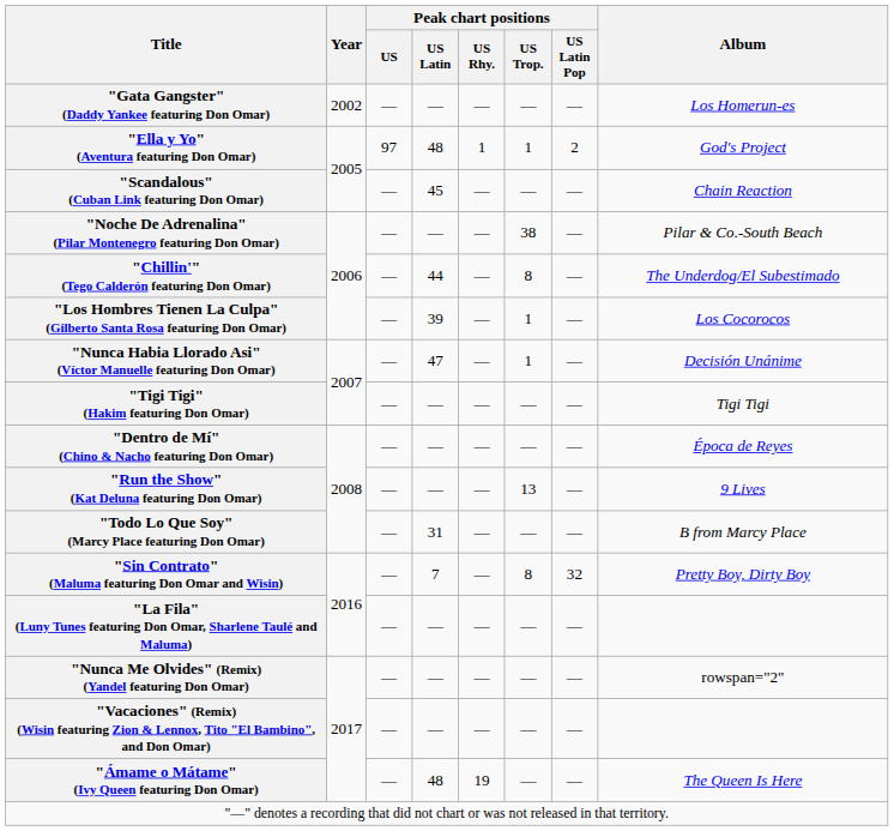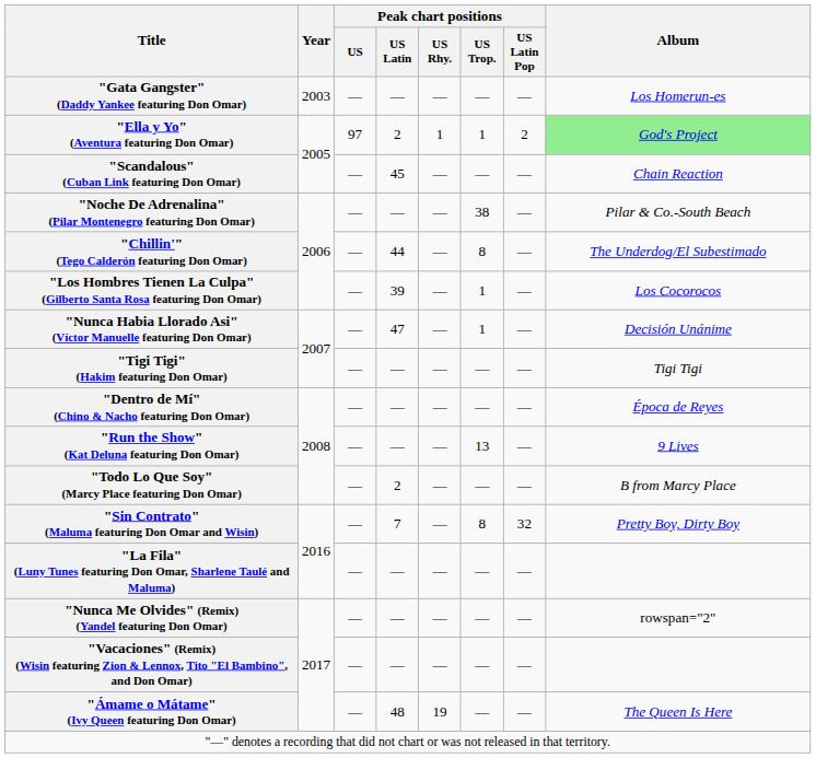 <table class="wikitable plainrowheaders" style="text-align:center;" border="1">
 <tr>
 <th scope="col" rowspan="2" style="width:20em;">Title</th>
 <th scope="col" rowspan="2">Year</th>
 <th scope="col" colspan="5">Peak chart positions</th>
 <th scope="col" rowspan="2" style="width:18em;">Album</th>
 </tr>
 <tr>
 <th scope="col" style="width:3em; font-size:85%;">US</th>
 <th scope="col" style="width:3em; font-size:85%;">US <br> Latin<br></th>
 <th scope="col" style="width:3em; font-size:85%;">US <br> Rhy.<br></th>
 <th scope="col" style="width:3em; font-size:85%;">US <br> Trop.<br></th>
 <th scope="col" style="width:3em; font-size:85%;">US <br> Latin<br>Pop<br></th>
 </tr>
 <tr>
 <th scope="row">"Gata Gangster" <br><small>(<a href='#'>Daddy Yankee</a> featuring Don Omar)</small></th>
-<td>2002</td>
+<td>2003</td>
 <td>—</td>
 <td>—</td>
 <td>—</td>
 <td>—</td>
 <td>—</td>
 <td><em><a href='#'>Los Homerun-es</a></em></td>
 </tr>
 <tr>
 <th scope="row">"<a href='#'>Ella y Yo</a>" <br><small>(<a href='#'>Aventura</a> featuring Don Omar)</small></th>
 <td rowspan="2">2005</td>
 <td>97</td>
-<td>48</td>
+<td>2</td>
 <td>1</td>
 <td>1</td>
 <td>2</td>
-<td><em><a href='#'>God's Project</a></em></td>
+<td style="background: lightgreen;"><em><a href='#'>God's Project</a></em></td>
 </tr>
 <tr>
 <th scope="row">"Scandalous" <br><small>(<a href='#'>Cuban Link</a> featuring Don Omar)</small></th>
 <td>—</td>
 <td>45</td>
 <td>—</td>
 <td>—</td>
 <td>—</td>
 <td><em><a href='#'>Chain Reaction</a></em></td>
 </tr>
 <tr>
 <th scope="row">"Noche De Adrenalina" <br><small>(<a href='#'>Pilar Montenegro</a> featuring Don Omar)</small></th>
 <td rowspan="3">2006</td>
 <td>—</td>
 <td>—</td>
 <td>—</td>
 <td>38</td>
 <td>—</td>
 <td><em>Pilar & Co.-South Beach</em></td>
 </tr>
 <tr>
 <th scope="row">"<a href='#'>Chillin'</a>" <br><small>(<a href='#'>Tego Calderón</a> featuring Don Omar)</small></th>
 <td>—</td>
 <td>44</td>
 <td>—</td>
 <td>8</td>
 <td>—</td>
 <td><em><a href='#'>The Underdog/El Subestimado</a></em></td>
 </tr>
 <tr>
 <th scope="row">"Los Hombres Tienen La Culpa" <br><small>(<a href='#'>Gilberto Santa Rosa</a> featuring Don Omar)</small></th>
 <td>—</td>
 <td>39</td>
 <td>—</td>
 <td>1</td>
 <td>—</td>
 <td><em><a href='#'>Los Cocorocos</a></em></td>
 </tr>
 <tr>
 <th scope="row">"Nunca Habia Llorado Asi" <br><small>(<a href='#'>Víctor Manuelle</a> featuring Don Omar)</small></th>
 <td rowspan="2">2007</td>
 <td>—</td>
 <td>47</td>
 <td>—</td>
 <td>1</td>
 <td>—</td>
 <td><em><a href='#'>Decisión Unánime</a></em></td>
 </tr>
 <tr>
 <th scope="row">"Tigi Tigi" <br><small>(<a href='#'>Hakim</a> featuring Don Omar)</small></th>
 <td>—</td>
 <td>—</td>
 <td>—</td>
 <td>—</td>
 <td>—</td>
 <td><em>Tigi Tigi</em></td>
 </tr>
 <tr>
 <th scope="row">"Dentro de Mí" <br><small>(<a href='#'>Chino & Nacho</a> featuring Don Omar)</small></th>
 <td rowspan="3">2008</td>
 <td>—</td>
 <td>—</td>
 <td>—</td>
 <td>—</td>
 <td>—</td>
 <td><em><a href='#'>Época de Reyes</a></em></td>
 </tr>
 <tr>
 <th scope="row">"<a href='#'>Run the Show</a>" <br><small>(<a href='#'>Kat Deluna</a> featuring Don Omar)</small></th>
 <td>—</td>
 <td>—</td>
 <td>—</td>
 <td>13</td>
 <td>—</td>
 <td><em><a href='#'>9 Lives</a></em></td>
 </tr>
 <tr>
 <th scope="row">"Todo Lo Que Soy" <br><small>(Marcy Place featuring Don Omar)</small></th>
 <td>—</td>
-<td>31</td>
+<td>2</td>
 <td>—</td>
 <td>—</td>
 <td>—</td>
 <td><em>B from Marcy Place</em></td>
 </tr>
 <tr>
 <th scope="row">"<a href='#'>Sin Contrato</a>" <br><small>(<a href='#'>Maluma</a> featuring Don Omar and <a href='#'>Wisin</a>)</small></th>
 <td rowspan="2">2016</td>
 <td>—</td>
 <td>7</td>
 <td>—</td>
 <td>8</td>
 <td>32</td>
 <td><em><a href='#'>Pretty Boy, Dirty Boy</a></em></td>
 </tr>
 <tr>
 <th scope="row">"La Fila" <br><small>(<a href='#'>Luny Tunes</a> featuring Don Omar, <a href='#'>Sharlene Taulé</a> and <a href='#'>Maluma</a>)</small></th>
 <td>—</td>
 <td>—</td>
 <td>—</td>
 <td>—</td>
 <td>—</td>
 <td></td>
 </tr>
 <tr>
 <th scope="row">"Nunca Me Olvides" <small>(Remix)</small> <br><small>(<a href='#'>Yandel</a> featuring Don Omar)</small></th>
 <td rowspan="3">2017</td>
 <td>—</td>
 <td>—</td>
 <td>—</td>
 <td>—</td>
 <td>—</td>
 <td>rowspan="2" </td>
 </tr>
 <tr>
 <th scope="row">"Vacaciones" <small>(Remix)</small><br><small>(<a href='#'>Wisin</a> featuring <a href='#'>Zion & Lennox</a>, <a href='#'>Tito "El Bambino"</a>, and Don Omar)</small></th>
 <td>—</td>
 <td>—</td>
 <td>—</td>
 <td>—</td>
 <td>—</td>
 </tr>
 <tr>
 <th scope="row">"<a href='#'>Ámame o Mátame</a>" <br><small>(<a href='#'>Ivy Queen</a> featuring Don Omar)</small></th>
 <td>—</td>
 <td>48</td>
 <td>19</td>
 <td>—</td>
 <td>—</td>
 <td><em><a href='#'>The Queen Is Here</a></em></td>
 </tr>
 <tr>
 <td colspan="8" style="font-size:90%">"—" denotes a recording that did not chart or was not released in that territory.</td>
 </tr>
 </table>
